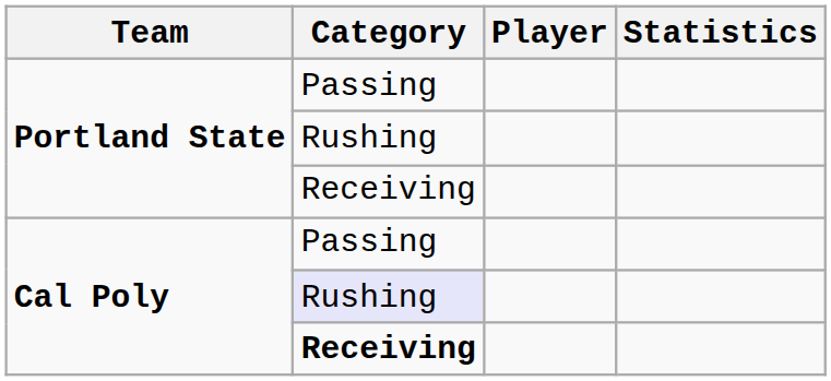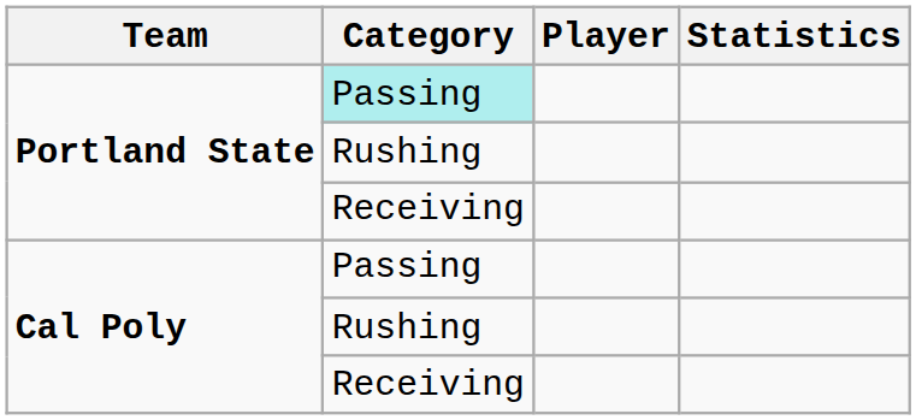 <table class="wikitable" style="float: right;">
 <tr>
 <th>Team</th>
 <th>Category</th>
 <th>Player</th>
 <th>Statistics</th>
 </tr>
 <tr>
 <td rowspan=3><strong>Portland State</strong></td>
-<td>Passing</td>
+<td style="background: paleturquoise;">Passing</td>
 <td></td>
 <td></td>
 </tr>
 <tr>
 <td>Rushing</td>
 <td></td>
 <td></td>
 </tr>
 <tr>
 <td>Receiving</td>
 <td></td>
 <td></td>
 </tr>
 <tr>
 <td rowspan=3><strong>Cal Poly</strong></td>
 <td>Passing</td>
 <td></td>
 <td></td>
 </tr>
 <tr>
-<td style="background: lavender;">Rushing</td>
+<td>Rushing</td>
 <td></td>
 <td></td>
 </tr>
 <tr>
-<td><strong>Receiving</strong></td>
+<td>Receiving</td>
 <td></td>
 <td></td>
 </tr>
 </table>
